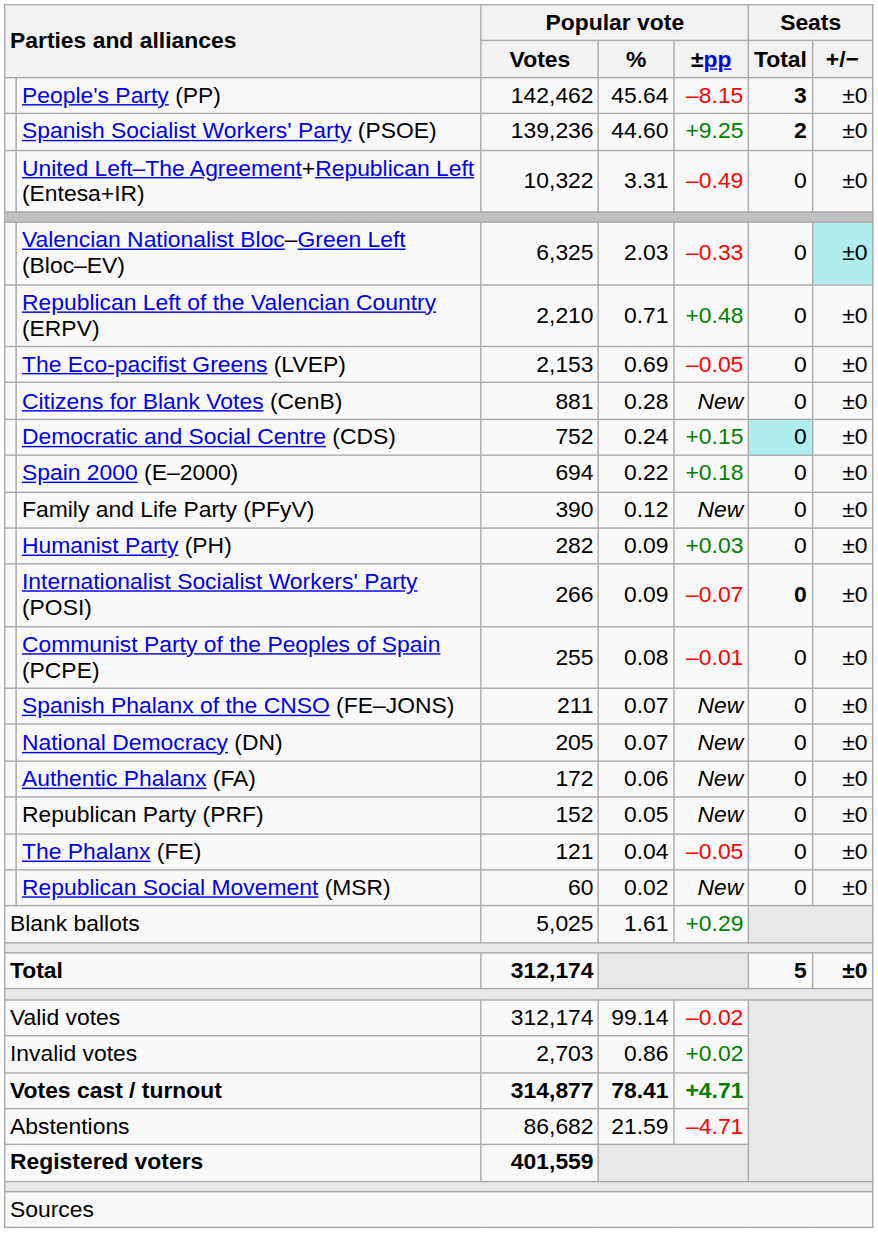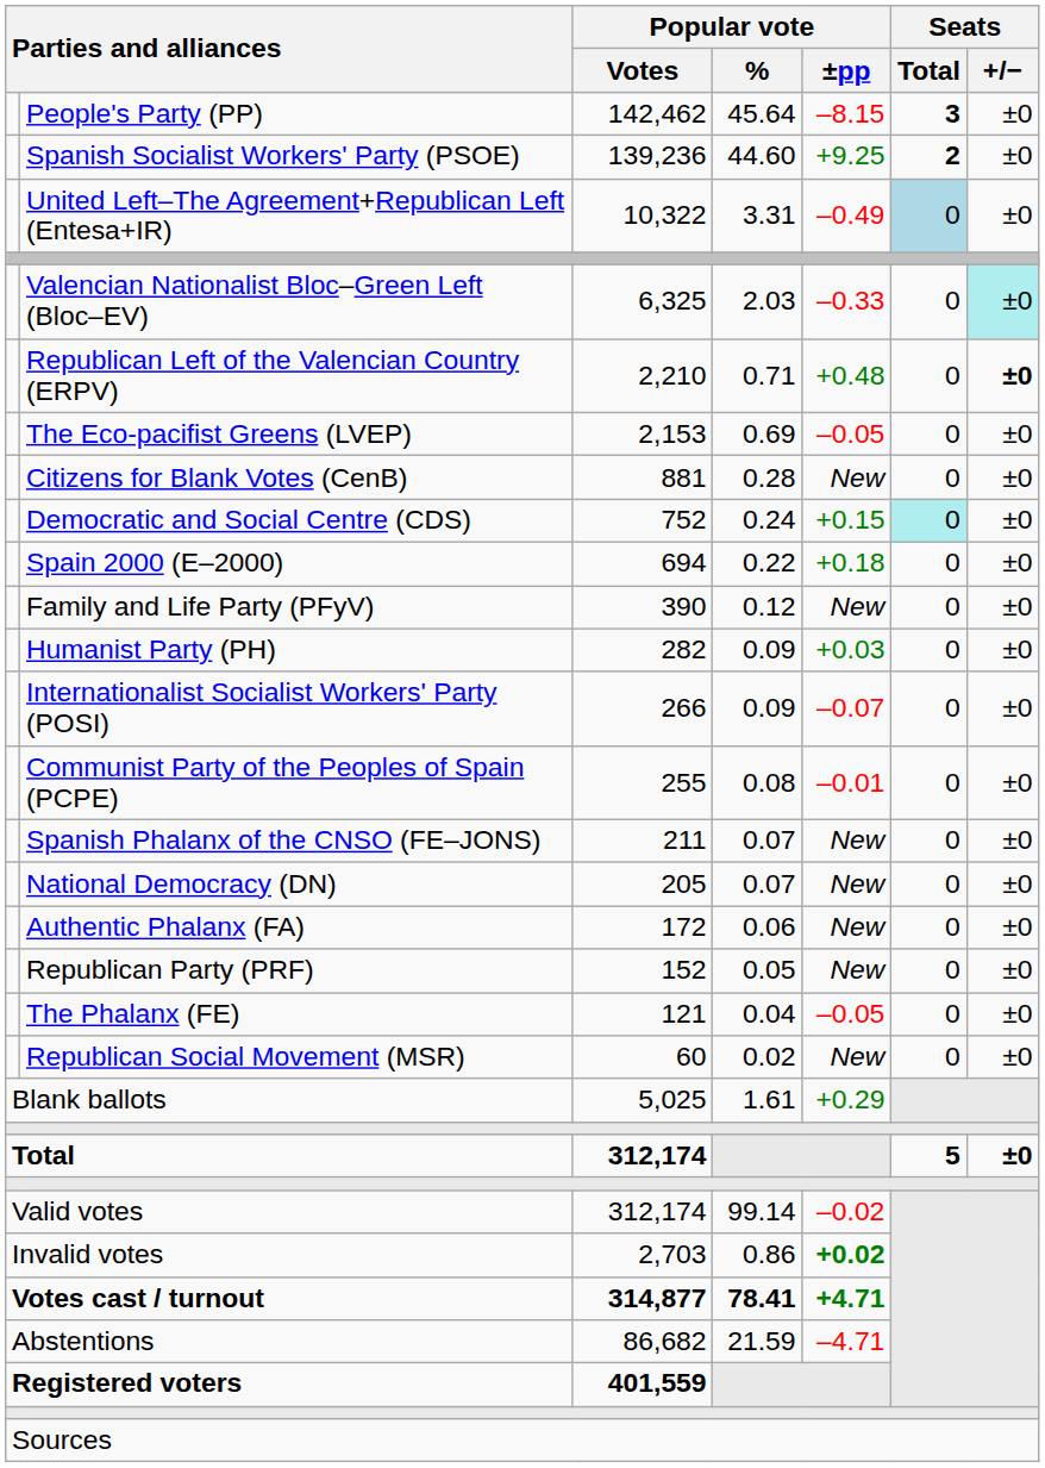 <table class="wikitable" style="text-align:right;">
 <tr>
 <th style="text-align:left;" rowspan="2" colspan="2" width="525">Parties and alliances</th>
 <th colspan="3">Popular vote</th>
 <th colspan="2">Seats</th>
 </tr>
 <tr>
 <th width="75">Votes</th>
 <th width="45">%</th>
 <th width="45">±<a href='#'>pp</a></th>
 <th width="35">Total</th>
 <th width="35">+/−</th>
 </tr>
 <tr>
 <td width="1" style="color:inherit;background:"></td>
 <td align="left"><a href='#'>People's Party</a> (PP)</td>
 <td>142,462</td>
 <td>45.64</td>
 <td style="color:red;">–8.15</td>
 <td><strong>3</strong></td>
 <td>±0</td>
 </tr>
 <tr>
 <td style="color:inherit;background:"></td>
 <td align="left"><a href='#'>Spanish Socialist Workers' Party</a> (PSOE)</td>
 <td>139,236</td>
 <td>44.60</td>
 <td style="color:green;">+9.25</td>
 <td><strong>2</strong></td>
 <td>±0</td>
 </tr>
 <tr>
 <td style="color:inherit;background:"></td>
 <td align="left"><a href='#'>United Left–The Agreement</a>+<a href='#'>Republican Left</a> (Entesa+IR)</td>
 <td>10,322</td>
 <td>3.31</td>
 <td style="color:red;">–0.49</td>
-<td>0</td>
+<td style="background: lightblue;">0</td>
 <td>±0</td>
 </tr>
 <tr>
 <td colspan="7" bgcolor="#C0C0C0"></td>
 </tr>
 <tr>
 <td style="color:inherit;background:"></td>
 <td align="left"><a href='#'>Valencian Nationalist Bloc</a>–<a href='#'>Green Left</a> (Bloc–EV)</td>
 <td>6,325</td>
 <td>2.03</td>
 <td style="color:red;">–0.33</td>
 <td>0</td>
 <td style="background: paleturquoise;">±0</td>
 </tr>
 <tr>
 <td style="color:inherit;background:"></td>
 <td align="left"><a href='#'>Republican Left of the Valencian Country</a> (ERPV)</td>
 <td>2,210</td>
 <td>0.71</td>
 <td style="color:green;">+0.48</td>
 <td>0</td>
-<td>±0</td>
+<td><strong>±0</strong></td>
 </tr>
 <tr>
 <td style="color:inherit;background:"></td>
 <td align="left"><a href='#'>The Eco-pacifist Greens</a> (LVEP)</td>
 <td>2,153</td>
 <td>0.69</td>
 <td style="color:red;">–0.05</td>
 <td>0</td>
 <td>±0</td>
 </tr>
 <tr>
 <td style="color:inherit;background:"></td>
 <td align="left"><a href='#'>Citizens for Blank Votes</a> (CenB)</td>
 <td>881</td>
 <td>0.28</td>
 <td><em>New</em></td>
 <td>0</td>
 <td>±0</td>
 </tr>
 <tr>
 <td style="color:inherit;background:"></td>
 <td align="left"><a href='#'>Democratic and Social Centre</a> (CDS)</td>
 <td>752</td>
 <td>0.24</td>
 <td style="color:green;">+0.15</td>
 <td style="background: paleturquoise;">0</td>
 <td>±0</td>
 </tr>
 <tr>
 <td style="color:inherit;background:"></td>
 <td align="left"><a href='#'>Spain 2000</a> (E–2000)</td>
 <td>694</td>
 <td>0.22</td>
 <td style="color:green;">+0.18</td>
 <td>0</td>
 <td>±0</td>
 </tr>
 <tr>
 <td style="color:inherit;background:"></td>
 <td align="left">Family and Life Party (PFyV)</td>
 <td>390</td>
 <td>0.12</td>
 <td><em>New</em></td>
 <td>0</td>
 <td>±0</td>
 </tr>
 <tr>
 <td style="color:inherit;background:"></td>
 <td align="left"><a href='#'>Humanist Party</a> (PH)</td>
 <td>282</td>
 <td>0.09</td>
 <td style="color:green;">+0.03</td>
 <td>0</td>
 <td>±0</td>
 </tr>
 <tr>
 <td style="color:inherit;background:"></td>
 <td align="left"><a href='#'>Internationalist Socialist Workers' Party</a> (POSI)</td>
 <td>266</td>
 <td>0.09</td>
 <td style="color:red;">–0.07</td>
-<td><strong>0</strong></td>
+<td>0</td>
 <td>±0</td>
 </tr>
 <tr>
 <td style="color:inherit;background:"></td>
 <td align="left"><a href='#'>Communist Party of the Peoples of Spain</a> (PCPE)</td>
 <td>255</td>
 <td>0.08</td>
 <td style="color:red;">–0.01</td>
 <td>0</td>
 <td>±0</td>
 </tr>
 <tr>
 <td style="color:inherit;background:"></td>
 <td align="left"><a href='#'>Spanish Phalanx of the CNSO</a> (FE–JONS)</td>
 <td>211</td>
 <td>0.07</td>
 <td><em>New</em></td>
 <td>0</td>
 <td>±0</td>
 </tr>
 <tr>
 <td style="color:inherit;background:"></td>
 <td align="left"><a href='#'>National Democracy</a> (DN)</td>
 <td>205</td>
 <td>0.07</td>
 <td><em>New</em></td>
 <td>0</td>
 <td>±0</td>
 </tr>
 <tr>
 <td style="color:inherit;background:"></td>
 <td align="left"><a href='#'>Authentic Phalanx</a> (FA)</td>
 <td>172</td>
 <td>0.06</td>
 <td><em>New</em></td>
 <td>0</td>
 <td>±0</td>
 </tr>
 <tr>
 <td style="color:inherit;background:"></td>
 <td align="left">Republican Party (PRF)</td>
 <td>152</td>
 <td>0.05</td>
 <td><em>New</em></td>
 <td>0</td>
 <td>±0</td>
 </tr>
 <tr>
 <td style="color:inherit;background:"></td>
 <td align="left"><a href='#'>The Phalanx</a> (FE)</td>
 <td>121</td>
 <td>0.04</td>
 <td style="color:red;">–0.05</td>
 <td>0</td>
 <td>±0</td>
 </tr>
 <tr>
 <td style="color:inherit;background:"></td>
 <td align="left"><a href='#'>Republican Social Movement</a> (MSR)</td>
 <td>60</td>
 <td>0.02</td>
 <td><em>New</em></td>
 <td>0</td>
 <td>±0</td>
 </tr>
 <tr>
 <td align="left" colspan="2">Blank ballots</td>
 <td>5,025</td>
 <td>1.61</td>
 <td style="color:green;">+0.29</td>
 <td bgcolor="#E9E9E9" colspan="2"></td>
 </tr>
 <tr>
 <td colspan="7" bgcolor="#E9E9E9"></td>
 </tr>
 <tr style="font-weight:bold;">
 <td align="left" colspan="2">Total</td>
 <td>312,174</td>
 <td bgcolor="#E9E9E9" colspan="2"></td>
 <td>5</td>
 <td>±0</td>
 </tr>
 <tr>
 <td colspan="7" bgcolor="#E9E9E9"></td>
 </tr>
 <tr>
 <td align="left" colspan="2">Valid votes</td>
 <td>312,174</td>
 <td>99.14</td>
 <td style="color:red;">–0.02</td>
 <td bgcolor="#E9E9E9" colspan="2" rowspan="5"></td>
 </tr>
 <tr>
 <td align="left" colspan="2">Invalid votes</td>
 <td>2,703</td>
 <td>0.86</td>
-<td style="color:green;">+0.02</td>
+<td style="color:green;"><strong>+0.02</strong></td>
 </tr>
 <tr style="font-weight:bold;">
 <td align="left" colspan="2">Votes cast / turnout</td>
 <td>314,877</td>
 <td>78.41</td>
 <td style="color:green;">+4.71</td>
 </tr>
 <tr>
 <td align="left" colspan="2">Abstentions</td>
 <td>86,682</td>
 <td>21.59</td>
 <td style="color:red;">–4.71</td>
 </tr>
 <tr style="font-weight:bold;">
 <td align="left" colspan="2">Registered voters</td>
 <td>401,559</td>
 <td bgcolor="#E9E9E9" colspan="2"></td>
 </tr>
 <tr>
 <td colspan="7" bgcolor="#E9E9E9"></td>
 </tr>
 <tr>
 <td align="left" colspan="7">Sources</td>
 </tr>
 </table>
